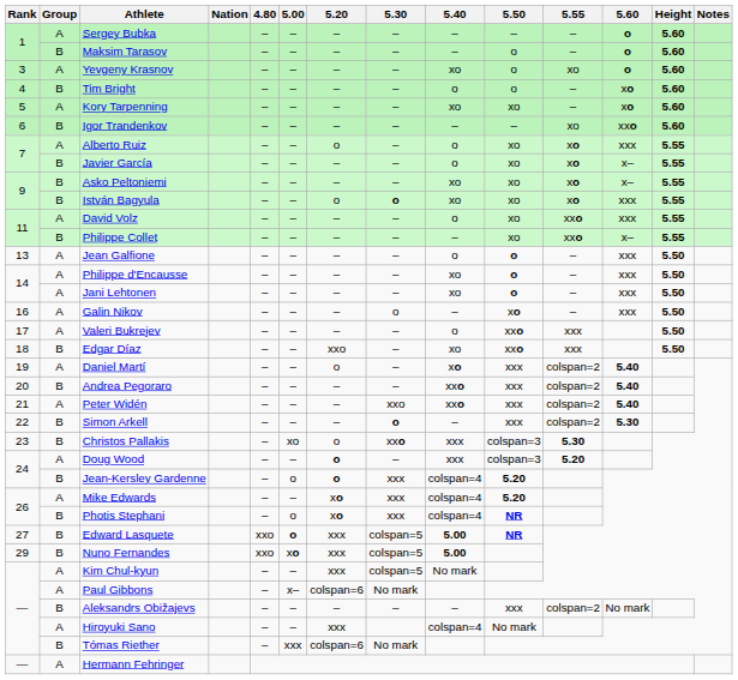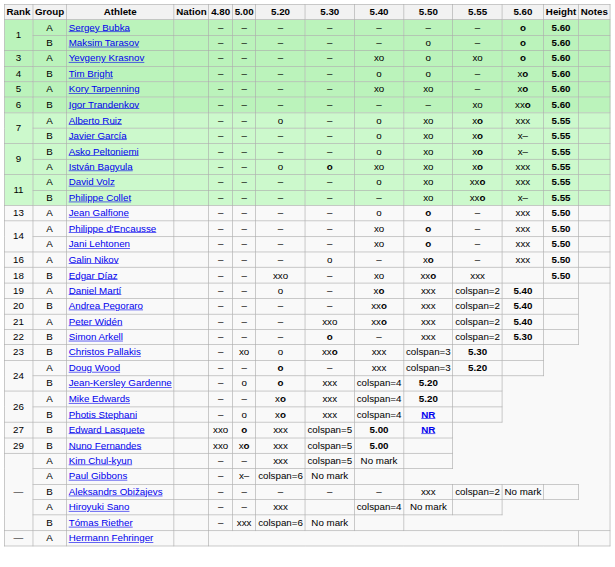 <table class="wikitable sortable" style="text-align:center">
 <tr>
 <th>Rank</th>
 <th>Group</th>
 <th>Athlete</th>
 <th>Nation</th>
 <th>4.80</th>
 <th>5.00</th>
 <th>5.20</th>
 <th>5.30</th>
 <th>5.40</th>
 <th>5.50</th>
 <th>5.55</th>
 <th>5.60</th>
 <th>Height</th>
 <th>Notes</th>
 </tr>
 <tr bgcolor=bbf3bb>
 <td rowspan=2>1</td>
 <td>A</td>
 <td align=left><a href='#'>Sergey Bubka</a></td>
 <td align=left></td>
 <td>–</td>
 <td>–</td>
 <td>–</td>
 <td>–</td>
 <td>–</td>
 <td>–</td>
 <td>–</td>
 <td><strong>o</strong></td>
 <td><strong>5.60</strong></td>
 <td></td>
 </tr>
 <tr bgcolor=bbf3bb>
 <td>B</td>
 <td align=left><a href='#'>Maksim Tarasov</a></td>
 <td align=left></td>
 <td>–</td>
 <td>–</td>
 <td>–</td>
 <td>–</td>
 <td>–</td>
 <td>o</td>
 <td>–</td>
 <td><strong>o</strong></td>
 <td><strong>5.60</strong></td>
 <td></td>
 </tr>
 <tr bgcolor=bbf3bb>
 <td>3</td>
 <td>A</td>
 <td align=left><a href='#'>Yevgeny Krasnov</a></td>
 <td align=left></td>
 <td>–</td>
 <td>–</td>
 <td>–</td>
 <td>–</td>
 <td>xo</td>
 <td>o</td>
 <td>xo</td>
 <td><strong>o</strong></td>
 <td><strong>5.60</strong></td>
 <td></td>
 </tr>
 <tr bgcolor=bbf3bb>
 <td>4</td>
 <td>B</td>
 <td align=left><a href='#'>Tim Bright</a></td>
 <td align=left></td>
 <td>–</td>
 <td>–</td>
 <td>–</td>
 <td>–</td>
 <td>o</td>
 <td>o</td>
 <td>–</td>
 <td>x<strong>o</strong></td>
 <td><strong>5.60</strong></td>
 <td></td>
 </tr>
 <tr bgcolor=bbf3bb>
 <td>5</td>
 <td>A</td>
 <td align=left><a href='#'>Kory Tarpenning</a></td>
 <td align=left></td>
 <td>–</td>
 <td>–</td>
 <td>–</td>
 <td>–</td>
 <td>xo</td>
 <td>xo</td>
 <td>–</td>
 <td>x<strong>o</strong></td>
 <td><strong>5.60</strong></td>
 <td></td>
 </tr>
 <tr bgcolor=bbf3bb>
 <td>6</td>
 <td>B</td>
 <td align=left><a href='#'>Igor Trandenkov</a></td>
 <td align=left></td>
 <td>–</td>
 <td>–</td>
 <td>–</td>
 <td>–</td>
 <td>–</td>
 <td>–</td>
 <td>xo</td>
 <td>xx<strong>o</strong></td>
 <td><strong>5.60</strong></td>
 <td></td>
 </tr>
 <tr bgcolor=ccf9cc>
 <td rowspan=2>7</td>
 <td>A</td>
 <td align=left><a href='#'>Alberto Ruiz</a></td>
 <td align=left></td>
 <td>–</td>
 <td>–</td>
 <td>o</td>
 <td>–</td>
 <td>o</td>
 <td>xo</td>
 <td>x<strong>o</strong></td>
 <td>xxx</td>
 <td><strong>5.55</strong></td>
 <td></td>
 </tr>
 <tr bgcolor=ccf9cc>
 <td>B</td>
 <td align=left><a href='#'>Javier García</a></td>
 <td align=left></td>
 <td>–</td>
 <td>–</td>
 <td>–</td>
 <td>–</td>
 <td>o</td>
 <td>xo</td>
 <td>x<strong>o</strong></td>
 <td>x–</td>
 <td><strong>5.55</strong></td>
 <td></td>
 </tr>
 <tr bgcolor=ccf9cc>
 <td rowspan=2>9</td>
 <td>B</td>
 <td align=left><a href='#'>Asko Peltoniemi</a></td>
 <td align=left></td>
 <td>–</td>
 <td>–</td>
 <td>–</td>
 <td>–</td>
-<td>xo</td>
+<td>o</td>
 <td>xo</td>
 <td>x<strong>o</strong></td>
 <td>x–</td>
 <td><strong>5.55</strong></td>
 <td></td>
 </tr>
 <tr bgcolor=ccf9cc>
-<td>B</td>
+<td>A</td>
 <td align=left><a href='#'>István Bagyula</a></td>
 <td align=left></td>
 <td>–</td>
 <td>–</td>
 <td>o</td>
 <td><strong>o</strong></td>
 <td>xo</td>
 <td>xo</td>
 <td>x<strong>o</strong></td>
 <td>xxx</td>
 <td><strong>5.55</strong></td>
 <td></td>
 </tr>
 <tr bgcolor=ccf9cc>
 <td rowspan=2>11</td>
 <td>A</td>
 <td align=left><a href='#'>David Volz</a></td>
 <td align=left></td>
 <td>–</td>
 <td>–</td>
 <td>–</td>
 <td>–</td>
 <td>o</td>
 <td>xo</td>
 <td>xx<strong>o</strong></td>
 <td>xxx</td>
 <td><strong>5.55</strong></td>
 <td></td>
 </tr>
 <tr bgcolor=ccf9cc>
 <td>B</td>
 <td align=left><a href='#'>Philippe Collet</a></td>
 <td align=left></td>
 <td>–</td>
 <td>–</td>
 <td>–</td>
 <td>–</td>
 <td>–</td>
 <td>xo</td>
 <td>xx<strong>o</strong></td>
 <td>x–</td>
 <td><strong>5.55</strong></td>
 <td></td>
 </tr>
 <tr>
 <td>13</td>
 <td>A</td>
 <td align=left><a href='#'>Jean Galfione</a></td>
 <td align=left></td>
 <td>–</td>
 <td>–</td>
 <td>–</td>
 <td>–</td>
 <td>o</td>
 <td><strong>o</strong></td>
 <td>–</td>
 <td>xxx</td>
 <td><strong>5.50</strong></td>
 <td></td>
 </tr>
 <tr>
 <td rowspan=2>14</td>
 <td>A</td>
 <td align=left><a href='#'>Philippe d'Encausse</a></td>
 <td align=left></td>
 <td>–</td>
 <td>–</td>
 <td>–</td>
 <td>–</td>
 <td>xo</td>
 <td><strong>o</strong></td>
 <td>–</td>
 <td>xxx</td>
 <td><strong>5.50</strong></td>
 <td></td>
 </tr>
 <tr>
 <td>A</td>
 <td align=left><a href='#'>Jani Lehtonen</a></td>
 <td align=left></td>
 <td>–</td>
 <td>–</td>
 <td>–</td>
 <td>–</td>
 <td>xo</td>
 <td><strong>o</strong></td>
 <td>–</td>
 <td>xxx</td>
 <td><strong>5.50</strong></td>
 <td></td>
 </tr>
 <tr>
 <td>16</td>
 <td>A</td>
 <td align=left><a href='#'>Galin Nikov</a></td>
 <td align=left></td>
 <td>–</td>
 <td>–</td>
 <td>–</td>
 <td>o</td>
 <td>–</td>
 <td>x<strong>o</strong></td>
 <td>–</td>
 <td>xxx</td>
-<td><strong>5.50</strong></td>
-<td></td>
-</tr>
-<tr>
-<td>17</td>
-<td>A</td>
-<td align=left><a href='#'>Valeri Bukrejev</a></td>
-<td align=left></td>
-<td>–</td>
-<td>–</td>
-<td>–</td>
-<td>–</td>
-<td>o</td>
-<td>xx<strong>o</strong></td>
-<td>xxx</td>
-<td></td>
 <td><strong>5.50</strong></td>
 <td></td>
 </tr>
 <tr>
 <td>18</td>
 <td>B</td>
 <td align=left><a href='#'>Edgar Díaz</a></td>
 <td align=left></td>
 <td>–</td>
 <td>–</td>
 <td>xxo</td>
 <td>–</td>
 <td>xo</td>
 <td>xx<strong>o</strong></td>
 <td>xxx</td>
 <td></td>
 <td><strong>5.50</strong></td>
 <td></td>
 </tr>
 <tr>
 <td>19</td>
 <td>A</td>
 <td align=left><a href='#'>Daniel Martí</a></td>
 <td align=left></td>
 <td>–</td>
 <td>–</td>
 <td>o</td>
 <td>–</td>
 <td>x<strong>o</strong></td>
 <td>xxx</td>
 <td>colspan=2 </td>
 <td><strong>5.40</strong></td>
 <td></td>
 </tr>
 <tr>
 <td>20</td>
 <td>B</td>
 <td align=left><a href='#'>Andrea Pegoraro</a></td>
 <td align=left></td>
 <td>–</td>
 <td>–</td>
 <td>–</td>
 <td>–</td>
 <td>xx<strong>o</strong></td>
 <td>xxx</td>
 <td>colspan=2 </td>
 <td><strong>5.40</strong></td>
 <td></td>
 </tr>
 <tr>
 <td>21</td>
 <td>A</td>
 <td align=left><a href='#'>Peter Widén</a></td>
 <td align=left></td>
 <td>–</td>
 <td>–</td>
 <td>–</td>
 <td>xxo</td>
 <td>xx<strong>o</strong></td>
 <td>xxx</td>
 <td>colspan=2 </td>
 <td><strong>5.40</strong></td>
 <td></td>
 </tr>
 <tr>
 <td>22</td>
 <td>B</td>
 <td align=left><a href='#'>Simon Arkell</a></td>
 <td align=left></td>
 <td>–</td>
 <td>–</td>
 <td>–</td>
 <td><strong>o</strong></td>
 <td>–</td>
 <td>xxx</td>
 <td>colspan=2 </td>
 <td><strong>5.30</strong></td>
 <td></td>
 </tr>
 <tr>
 <td>23</td>
 <td>B</td>
 <td align=left><a href='#'>Christos Pallakis</a></td>
 <td align=left></td>
 <td>–</td>
 <td>xo</td>
 <td>o</td>
 <td>xx<strong>o</strong></td>
 <td>xxx</td>
 <td>colspan=3 </td>
 <td><strong>5.30</strong></td>
 <td></td>
 </tr>
 <tr>
 <td rowspan=2>24</td>
 <td>A</td>
 <td align=left><a href='#'>Doug Wood</a></td>
 <td align=left></td>
 <td>–</td>
 <td>–</td>
 <td><strong>o</strong></td>
 <td>–</td>
 <td>xxx</td>
 <td>colspan=3 </td>
 <td><strong>5.20</strong></td>
 <td></td>
 </tr>
 <tr>
 <td>B</td>
 <td align=left><a href='#'>Jean-Kersley Gardenne</a></td>
 <td align=left></td>
 <td>–</td>
 <td>o</td>
 <td><strong>o</strong></td>
 <td>xxx</td>
 <td>colspan=4 </td>
 <td><strong>5.20</strong></td>
 <td></td>
 </tr>
 <tr>
 <td rowspan=2>26</td>
 <td>A</td>
 <td align=left><a href='#'>Mike Edwards</a></td>
 <td align=left></td>
 <td>–</td>
 <td>–</td>
 <td>x<strong>o</strong></td>
 <td>xxx</td>
 <td>colspan=4 </td>
 <td><strong>5.20</strong></td>
 <td></td>
 </tr>
 <tr>
 <td>B</td>
 <td align=left><a href='#'>Photis Stephani</a></td>
 <td align=left></td>
 <td>–</td>
 <td>o</td>
 <td>x<strong>o</strong></td>
 <td>xxx</td>
 <td>colspan=4 </td>
 <td><strong><a href='#'>NR</a></strong></td>
 <td></td>
 </tr>
 <tr>
 <td>27</td>
 <td>B</td>
 <td align=left><a href='#'>Edward Lasquete</a></td>
 <td align=left></td>
 <td>xxo</td>
 <td><strong>o</strong></td>
 <td>xxx</td>
 <td>colspan=5 </td>
 <td><strong>5.00</strong></td>
 <td><strong><a href='#'>NR</a></strong></td>
 </tr>
 <tr>
 <td>29</td>
 <td>B</td>
 <td align=left><a href='#'>Nuno Fernandes</a></td>
 <td align=left></td>
 <td>xxo</td>
 <td>x<strong>o</strong></td>
 <td>xxx</td>
 <td>colspan=5 </td>
 <td><strong>5.00</strong></td>
 <td></td>
 </tr>
 <tr>
 <td rowspan=5 data-sort-value=30>—</td>
 <td>A</td>
 <td align=left><a href='#'>Kim Chul-kyun</a></td>
 <td align=left></td>
 <td>–</td>
 <td>–</td>
 <td>xxx</td>
 <td>colspan=5 </td>
 <td data-sort-value=1.00>No mark</td>
 <td></td>
 </tr>
 <tr>
 <td>A</td>
 <td align=left><a href='#'>Paul Gibbons</a></td>
 <td align=left></td>
 <td>–</td>
 <td>x–</td>
 <td>colspan=6 </td>
 <td data-sort-value=1.00>No mark</td>
 <td></td>
 </tr>
 <tr>
 <td>B</td>
 <td align=left><a href='#'>Aleksandrs Obižajevs</a></td>
 <td align=left></td>
 <td>–</td>
 <td>–</td>
 <td>–</td>
 <td>–</td>
 <td>–</td>
 <td>xxx</td>
 <td>colspan=2 </td>
 <td data-sort-value=1.00>No mark</td>
 <td></td>
 </tr>
 <tr>
 <td>A</td>
 <td align=left><a href='#'>Hiroyuki Sano</a></td>
 <td align=left></td>
 <td>–</td>
 <td>–</td>
 <td>xxx</td>
 <td></td>
 <td>colspan=4 </td>
 <td data-sort-value=1.00>No mark</td>
 <td></td>
 </tr>
 <tr>
 <td>B</td>
 <td align=left><a href='#'>Tómas Riether</a></td>
 <td align=left></td>
 <td>–</td>
 <td>xxx</td>
 <td>colspan=6 </td>
 <td data-sort-value=1.00>No mark</td>
 <td></td>
 </tr>
 <tr>
 <td data-sort-value=35>—</td>
 <td>A</td>
 <td align=left><a href='#'>Hermann Fehringer</a></td>
 <td align=left></td>
 <td colspan=9 data-sort-value=0.00></td>
 <td></td>
 </tr>
 </table>
